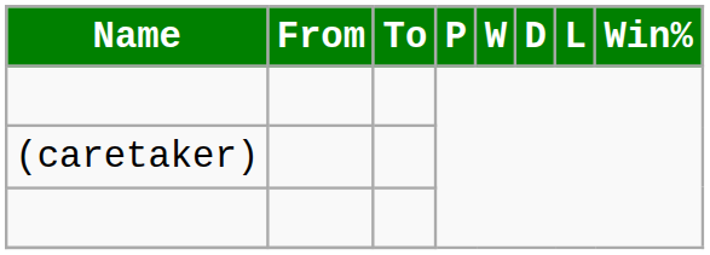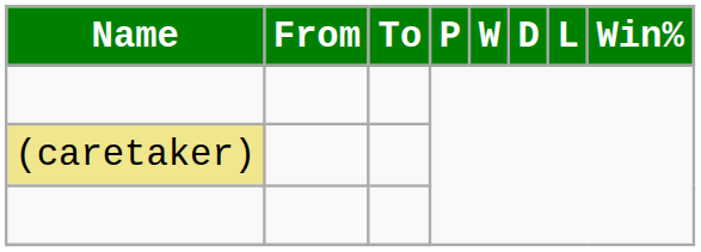 <table class="wikitable sortable" style="text-align: center;">
 <tr>
 <th style="background:#008000; color:white;" scope="col">Name</th>
 <th style="background:#008000; color:white;" scope="col">From</th>
 <th style="background:#008000; color:white;" scope="col">To</th>
 <th style="background:#008000; color:white;" scope="col">P</th>
 <th style="background:#008000; color:white;" scope="col">W</th>
 <th style="background:#008000; color:white;" scope="col">D</th>
 <th style="background:#008000; color:white;" scope="col">L</th>
 <th style="background:#008000; color:white;" scope="col">Win%</th>
 </tr>
 <tr>
 <td align=left> </td>
 <td></td>
 <td><br></td>
 </tr>
 <tr>
-<td align=left>  (caretaker)</td>
+<td align=left style="background: khaki;">  (caretaker)</td>
 <td></td>
 <td><br></td>
 </tr>
 <tr>
 <td align=left> </td>
 <td></td>
 <td><br></td>
 </tr>
 <tr>
 </tr>
 </table>
